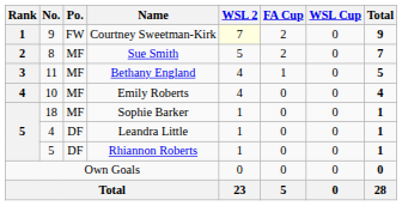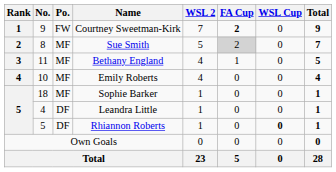 <table class="wikitable" style="text-align: center">
 <tr>
 <th>Rank</th>
 <th>No.</th>
 <th>Po.</th>
 <th>Name</th>
 <th><a href='#'>WSL 2</a></th>
 <th><a href='#'>FA Cup</a></th>
 <th><a href='#'>WSL Cup</a></th>
 <th>Total</th>
 </tr>
 <tr>
 <th rowspan=1>1</th>
 <td>9</td>
 <td>FW</td>
 <td>Courtney Sweetman-Kirk</td>
-<td style="background: lightyellow;">7</td>
-<td>2</td>
+<td>7</td>
+<td><strong>2</strong></td>
 <td>0</td>
 <td><strong>9</strong></td>
 </tr>
 <tr>
 <th rowspan=1>2</th>
 <td>8</td>
 <td>MF</td>
 <td><a href='#'>Sue Smith</a></td>
 <td>5</td>
-<td>2</td>
+<td style="background: lightgrey;">2</td>
 <td>0</td>
 <td><strong>7</strong></td>
 </tr>
 <tr>
 <th rowspan=1>3</th>
 <td>11</td>
 <td>MF</td>
 <td><a href='#'>Bethany England</a></td>
 <td>4</td>
 <td>1</td>
 <td>0</td>
 <td><strong>5</strong></td>
 </tr>
 <tr>
 <th rowspan=1>4</th>
 <td>10</td>
 <td>MF</td>
 <td>Emily Roberts</td>
 <td>4</td>
 <td>0</td>
 <td>0</td>
 <td><strong>4</strong></td>
 </tr>
 <tr>
 <th rowspan=3>5</th>
 <td>18</td>
 <td>MF</td>
 <td>Sophie Barker</td>
 <td>1</td>
 <td>0</td>
 <td>0</td>
 <td><strong>1</strong></td>
 </tr>
 <tr>
 <td>4</td>
 <td>DF</td>
 <td>Leandra Little</td>
 <td>1</td>
 <td>0</td>
 <td>0</td>
 <td><strong>1</strong></td>
 </tr>
 <tr>
 <td>5</td>
 <td>DF</td>
 <td><a href='#'>Rhiannon Roberts</a></td>
 <td>1</td>
 <td>0</td>
-<td>0</td>
+<td><strong>0</strong></td>
 <td><strong>1</strong></td>
 </tr>
 <tr>
 <td colspan=4>Own Goals</td>
 <td>0</td>
 <td>0</td>
 <td>0</td>
 <td><strong>0</strong></td>
 </tr>
 <tr>
 <th colspan=4>Total</th>
 <th>23</th>
 <th>5</th>
 <th>0</th>
 <th>28</th>
 </tr>
 </table>
